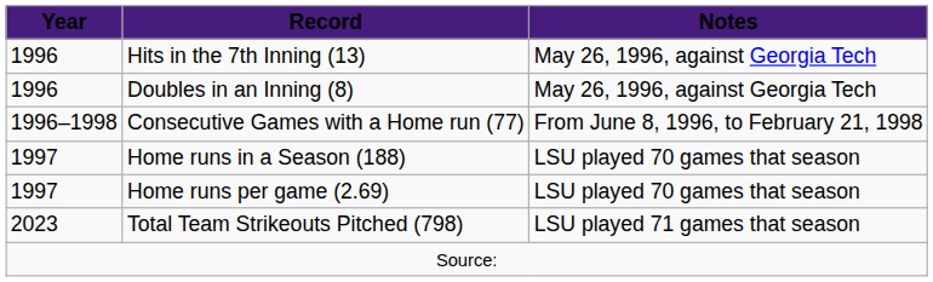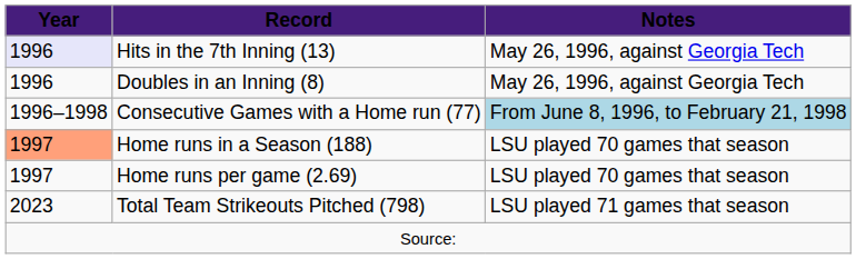 <table style="margin: 1em auto 1em auto" class="wikitable sortable">
 <tr>
 <th style="background:#461D7C;" align="center"><span>Year</span></th>
 <th style="background:#461D7C;" align="center"><span>Record</span></th>
 <th style="background:#461D7C;" align="center"><span>Notes</span></th>
 </tr>
 <tr>
-<td>1996</td>
+<td style="background: lavender;">1996</td>
 <td>Hits in the 7th Inning (13)</td>
 <td>May 26, 1996, against <a href='#'>Georgia Tech</a></td>
 </tr>
 <tr>
 <td>1996</td>
 <td>Doubles in an Inning (8)</td>
 <td>May 26, 1996, against Georgia Tech</td>
 </tr>
 <tr>
 <td>1996–1998</td>
 <td>Consecutive Games with a Home run (77)</td>
-<td>From June 8, 1996, to February 21, 1998</td>
+<td style="background: lightblue;">From June 8, 1996, to February 21, 1998</td>
 </tr>
 <tr>
-<td>1997</td>
+<td style="background: lightsalmon;">1997</td>
 <td>Home runs in a Season (188)</td>
 <td>LSU played 70 games that season</td>
 </tr>
 <tr>
 <td>1997</td>
 <td>Home runs per game (2.69)</td>
 <td>LSU played 70 games that season</td>
 </tr>
 <tr>
 <td>2023</td>
 <td>Total Team Strikeouts Pitched (798)</td>
 <td>LSU played 71 games that season</td>
 </tr>
 <tr style="text-align:center;" class="sortbottom">
 <td colspan="3"><small>Source:</small></td>
 </tr>
 </table>
